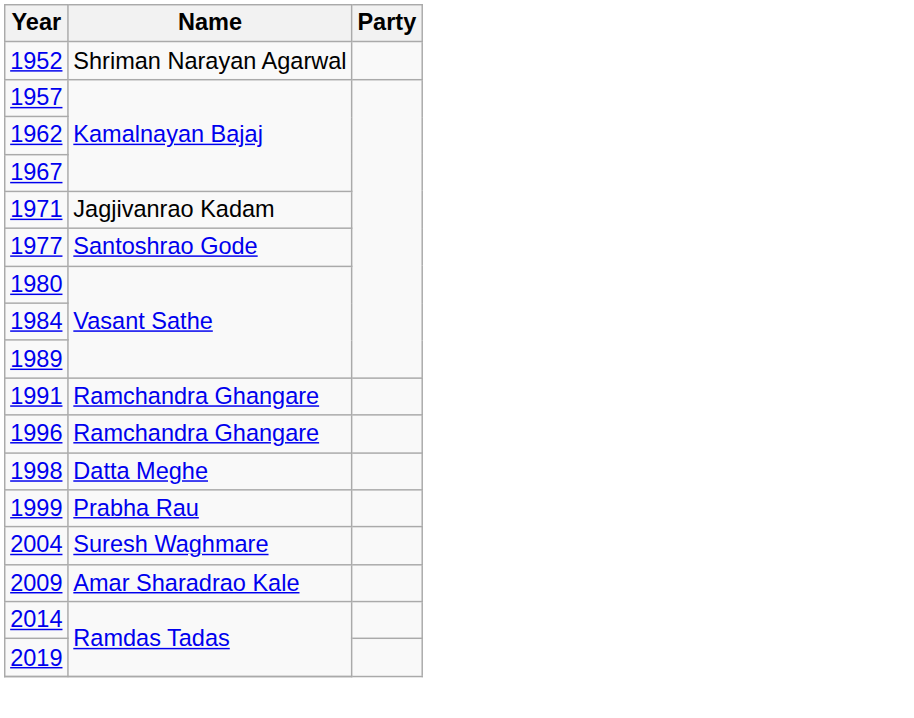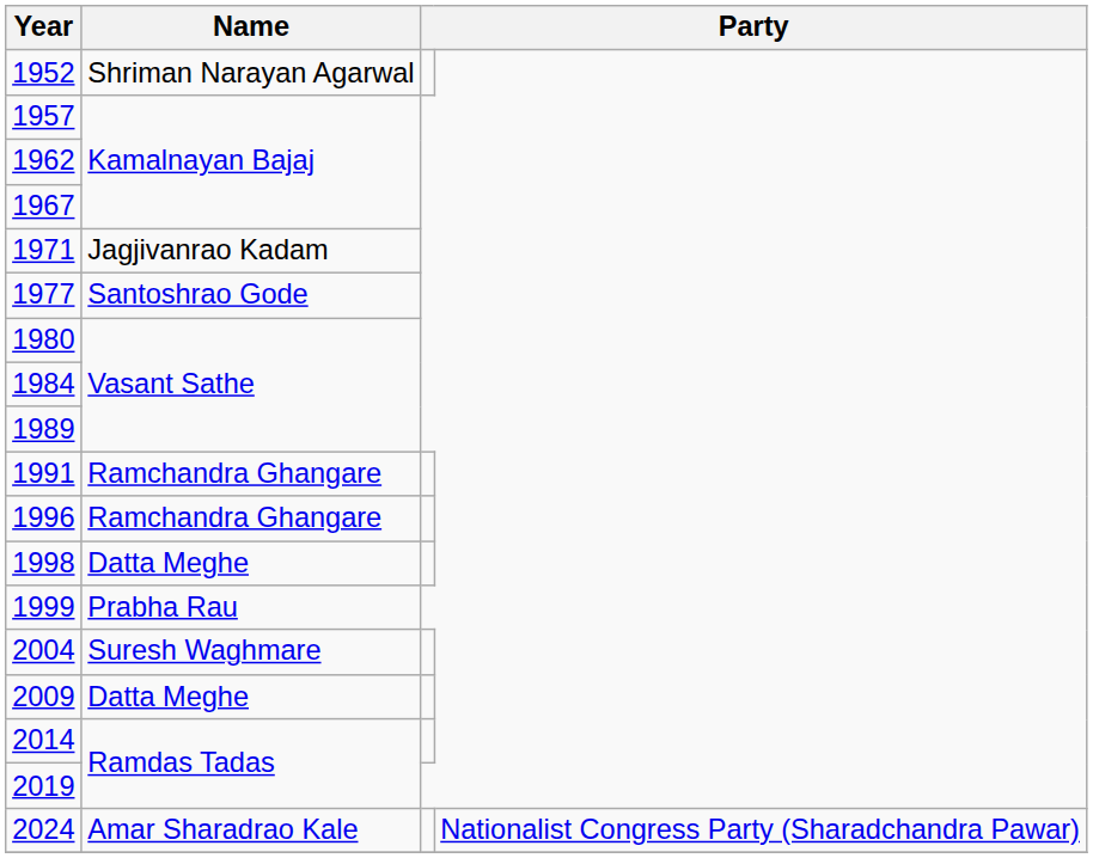 <table class="wikitable">
 <tr>
 <th>Year</th>
 <th>Name</th>
 <th colspan="2">Party</th>
 </tr>
 <tr>
 <td><a href='#'>1952</a></td>
 <td>Shriman Narayan Agarwal</td>
 <td></td>
 </tr>
 <tr>
 <td><a href='#'>1957</a></td>
 <td rowspan="3"><a href='#'>Kamalnayan Bajaj</a></td>
 </tr>
 <tr>
 <td><a href='#'>1962</a></td>
 </tr>
 <tr>
 <td><a href='#'>1967</a></td>
 </tr>
 <tr>
 <td><a href='#'>1971</a></td>
 <td>Jagjivanrao Kadam</td>
 </tr>
 <tr>
 <td><a href='#'>1977</a></td>
 <td><a href='#'>Santoshrao Gode</a></td>
 </tr>
 <tr>
 <td><a href='#'>1980</a></td>
 <td rowspan="3"><a href='#'>Vasant Sathe</a></td>
 </tr>
 <tr>
 <td><a href='#'>1984</a></td>
 </tr>
 <tr>
 <td><a href='#'>1989</a></td>
 </tr>
 <tr>
 <td><a href='#'>1991</a></td>
 <td><a href='#'>Ramchandra Ghangare</a></td>
 <td></td>
 </tr>
 <tr>
 <td><a href='#'>1996</a></td>
 <td><a href='#'>Ramchandra Ghangare</a></td>
 <td></td>
 </tr>
 <tr>
 <td><a href='#'>1998</a></td>
 <td><a href='#'>Datta Meghe</a></td>
 <td></td>
 </tr>
 <tr>
 <td><a href='#'>1999</a></td>
 <td><a href='#'>Prabha Rau</a></td>
 </tr>
 <tr>
 <td><a href='#'>2004</a></td>
 <td><a href='#'>Suresh Waghmare</a></td>
 <td></td>
 </tr>
 <tr>
 <td><a href='#'>2009</a></td>
-<td><a href='#'>Amar Sharadrao Kale</a></td>
+<td><a href='#'>Datta Meghe</a></td>
 <td></td>
 </tr>
 <tr>
 <td><a href='#'>2014</a></td>
 <td rowspan="2"><a href='#'>Ramdas Tadas</a></td>
 <td></td>
 </tr>
 <tr>
 <td><a href='#'>2019</a></td>
 </tr>
 <tr>
+<td><a href='#'>2024</a></td>
+<td><a href='#'>Amar Sharadrao Kale</a></td>
+<td style="background-color: "></td>
+<td><a href='#'>Nationalist Congress Party (Sharadchandra Pawar)</a></td>
+</tr>
+<tr>
 </tr>
 </table>
